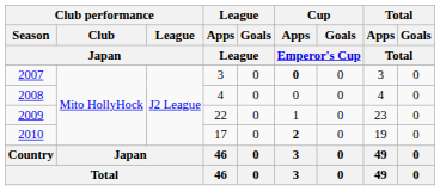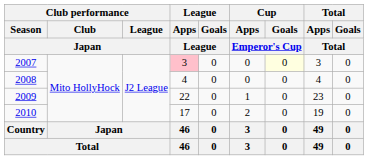 <table class="wikitable" style="text-align:center;">
 <tr>
 <th colspan=3>Club performance</th>
 <th colspan=2>League</th>
 <th colspan=2>Cup</th>
 <th colspan=2>Total</th>
 </tr>
 <tr>
 <th>Season</th>
 <th>Club</th>
 <th>League</th>
 <th>Apps</th>
 <th>Goals</th>
 <th>Apps</th>
 <th>Goals</th>
 <th>Apps</th>
 <th>Goals</th>
 </tr>
 <tr>
 <th colspan=3>Japan</th>
 <th colspan=2>League</th>
 <th colspan=2><a href='#'>Emperor's Cup</a></th>
 <th colspan=2>Total</th>
 </tr>
 <tr>
 <td><a href='#'>2007</a></td>
 <td rowspan="4"><a href='#'>Mito HollyHock</a></td>
 <td rowspan="4"><a href='#'>J2 League</a></td>
-<td>3</td>
+<td style="background: pink;">3</td>
 <td>0</td>
-<td><strong>0</strong></td>
 <td>0</td>
+<td style="background: lightyellow;">0</td>
 <td>3</td>
 <td>0</td>
 </tr>
 <tr>
 <td><a href='#'>2008</a></td>
 <td>4</td>
 <td>0</td>
 <td>0</td>
 <td>0</td>
 <td>4</td>
 <td>0</td>
 </tr>
 <tr>
 <td><a href='#'>2009</a></td>
 <td>22</td>
 <td>0</td>
 <td>1</td>
 <td>0</td>
 <td>23</td>
 <td>0</td>
 </tr>
 <tr>
 <td><a href='#'>2010</a></td>
 <td>17</td>
 <td>0</td>
-<td><strong>2</strong></td>
+<td>2</td>
 <td>0</td>
 <td>19</td>
 <td>0</td>
 </tr>
 <tr>
 <th rowspan=1>Country</th>
 <th colspan=2>Japan</th>
 <th>46</th>
 <th>0</th>
 <th>3</th>
 <th>0</th>
 <th>49</th>
 <th>0</th>
 </tr>
 <tr>
 <th colspan=3>Total</th>
 <th>46</th>
 <th>0</th>
 <th>3</th>
 <th>0</th>
 <th>49</th>
 <th>0</th>
 </tr>
 </table>
